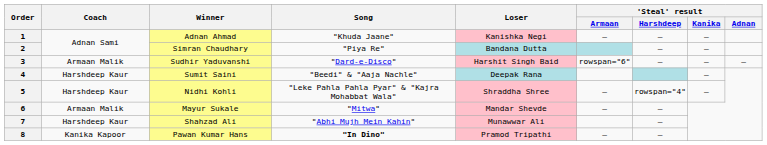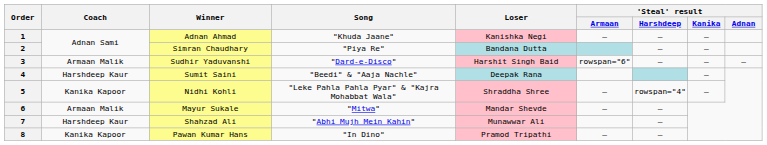 <table class="wikitable" style="text-align: center; width:100%;">
 <tr>
 <th rowspan="2" style="width:05%;">Order</th>
 <th rowspan="2" style="width:15%;">Coach</th>
 <th rowspan="2" style="width:17%;">Winner</th>
 <th rowspan="2" style="width:26%;">Song</th>
 <th rowspan="2" style="width:17%;">Loser</th>
 <th colspan="4" style="width:20%;">'Steal' result</th>
 </tr>
 <tr>
 <th style="width:05%;"><a href='#'>Armaan</a></th>
 <th style="width:05%;"><a href='#'>Harshdeep</a></th>
 <th style="width:05%;"><a href='#'>Kanika</a></th>
 <th style="width:05%;"><a href='#'>Adnan</a></th>
 </tr>
 <tr>
 <th>1</th>
 <td rowspan="2">Adnan Sami</td>
 <td style="background:#FDFC8F;">Adnan Ahmad</td>
 <td>"Khuda Jaane"</td>
 <td bgcolor="pink">Kanishka Negi</td>
 <td>—</td>
 <td>—</td>
 <td>—</td>
 <td></td>
 </tr>
 <tr>
 <th>2</th>
 <td style="background:#FDFC8F;">Simran Chaudhary</td>
 <td>"Piya Re"</td>
 <td bgcolor=#b0e0e6>Bandana Dutta</td>
 <td bgcolor=#b0e0e6><strong></strong></td>
 <td>—</td>
 <td>—</td>
 <td></td>
 </tr>
 <tr>
 <th>3</th>
 <td>Armaan Malik</td>
 <td style="background:#FDFC8F;">Sudhir Yaduvanshi</td>
 <td>"<a href='#'>Dard-e-Disco</a>"</td>
 <td bgcolor="pink">Harshit Singh Baid</td>
 <td>rowspan="6" </td>
 <td>—</td>
 <td>—</td>
 <td>—</td>
 </tr>
 <tr>
 <th>4</th>
 <td>Harshdeep Kaur</td>
 <td style="background:#FDFC8F;">Sumit Saini</td>
 <td>"Beedi" & "Aaja Nachle"</td>
 <td bgcolor=#b0e0e6>Deepak Rana</td>
 <td></td>
 <td bgcolor=#b0e0e6><strong></strong></td>
 <td>—</td>
 </tr>
 <tr>
 <th>5</th>
-<td>Harshdeep Kaur</td>
+<td>Kanika Kapoor</td>
 <td style="background:#FDFC8F;">Nidhi Kohli</td>
 <td>"Leke Pahla Pahla Pyar" & "Kajra Mohabbat Wala"</td>
 <td bgcolor="pink">Shraddha Shree</td>
 <td>—</td>
 <td>rowspan="4" </td>
 <td>—</td>
 </tr>
 <tr>
 <th>6</th>
 <td>Armaan Malik</td>
 <td style="background:#FDFC8F;">Mayur Sukale</td>
 <td>"<a href='#'>Mitwa</a>"</td>
 <td bgcolor="pink">Mandar Shevde</td>
 <td>—</td>
 <td>—</td>
 </tr>
 <tr>
 <th>7</th>
 <td>Harshdeep Kaur</td>
 <td style="background:#FDFC8F;">Shahzad Ali</td>
 <td>"<a href='#'>Abhi Mujh Mein Kahin</a>"</td>
 <td bgcolor="pink">Munawwar Ali</td>
 <td></td>
 <td>—</td>
 </tr>
 <tr>
 <th>8</th>
 <td>Kanika Kapoor</td>
 <td style="background:#FDFC8F;">Pawan Kumar Hans</td>
-<td><strong>"In Dino"</strong></td>
+<td>"In Dino"</td>
 <td bgcolor="pink">Pramod Tripathi</td>
 <td>—</td>
 <td>—</td>
 </tr>
 </table>
